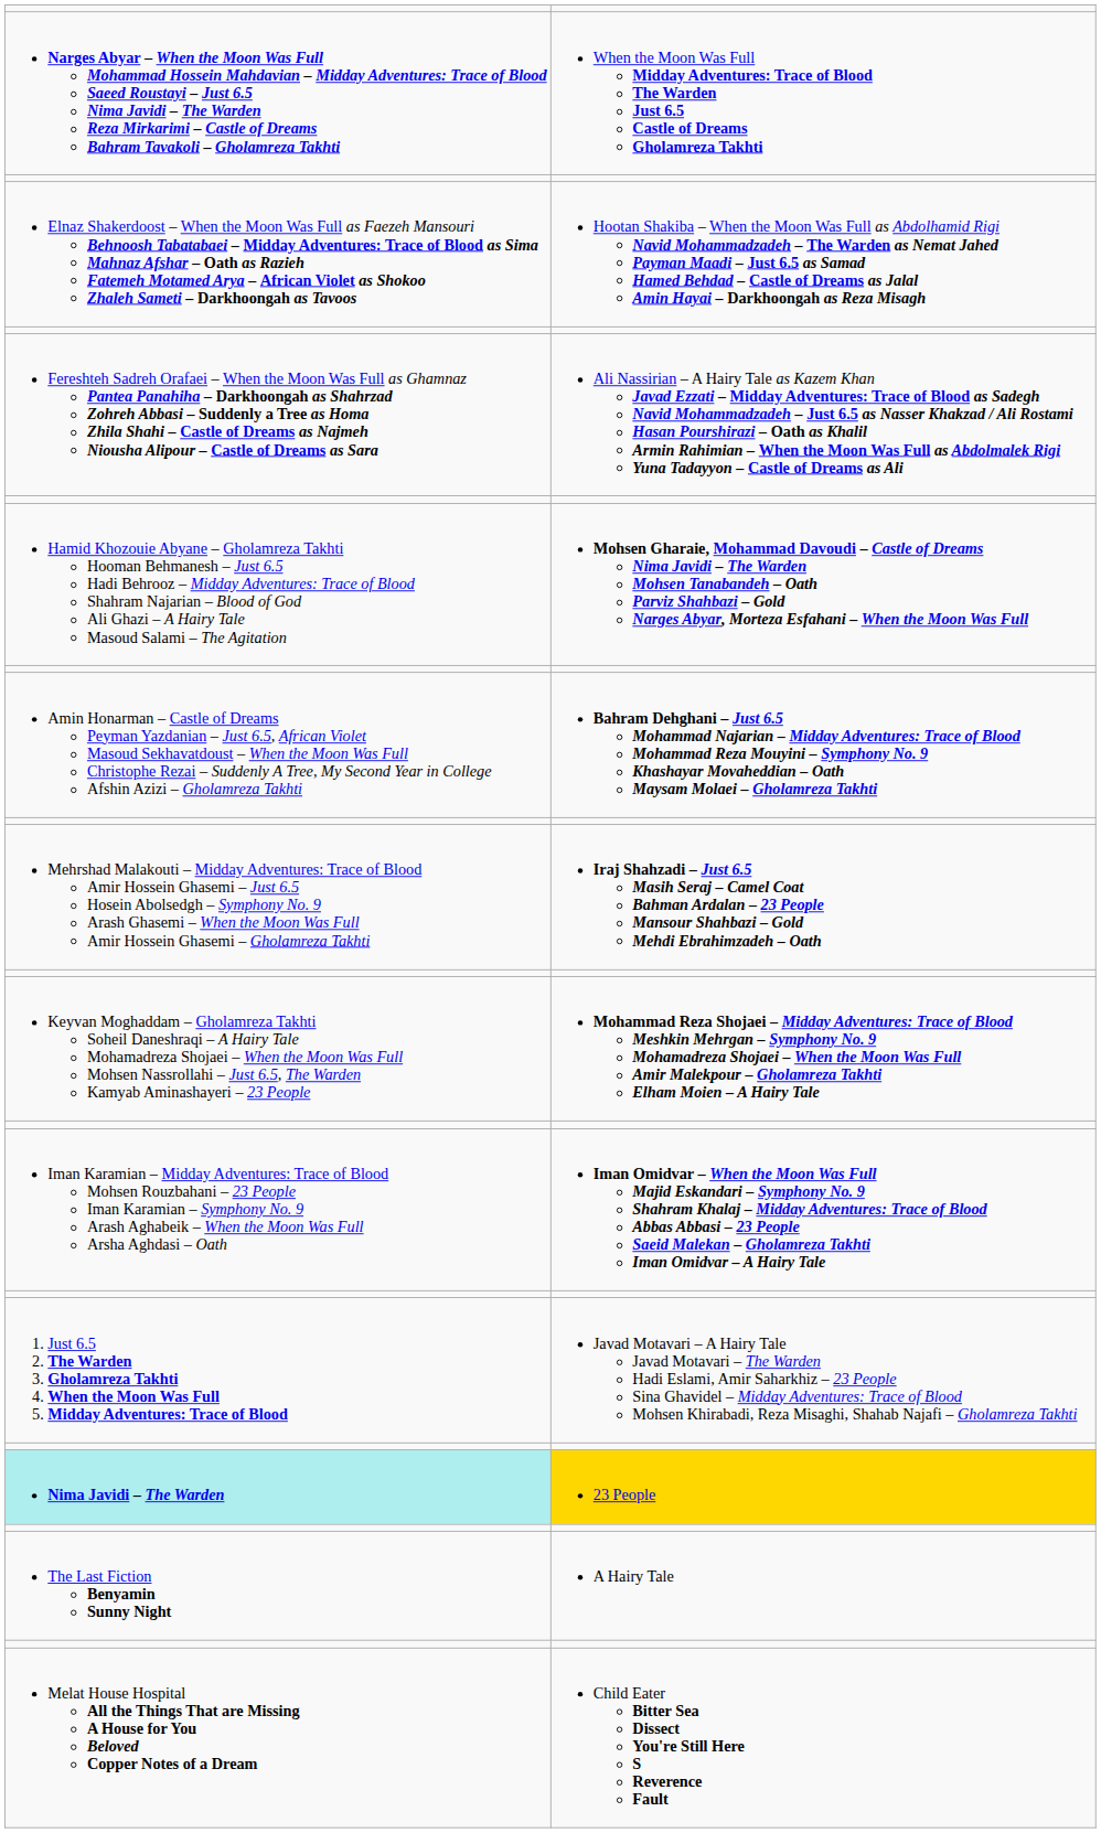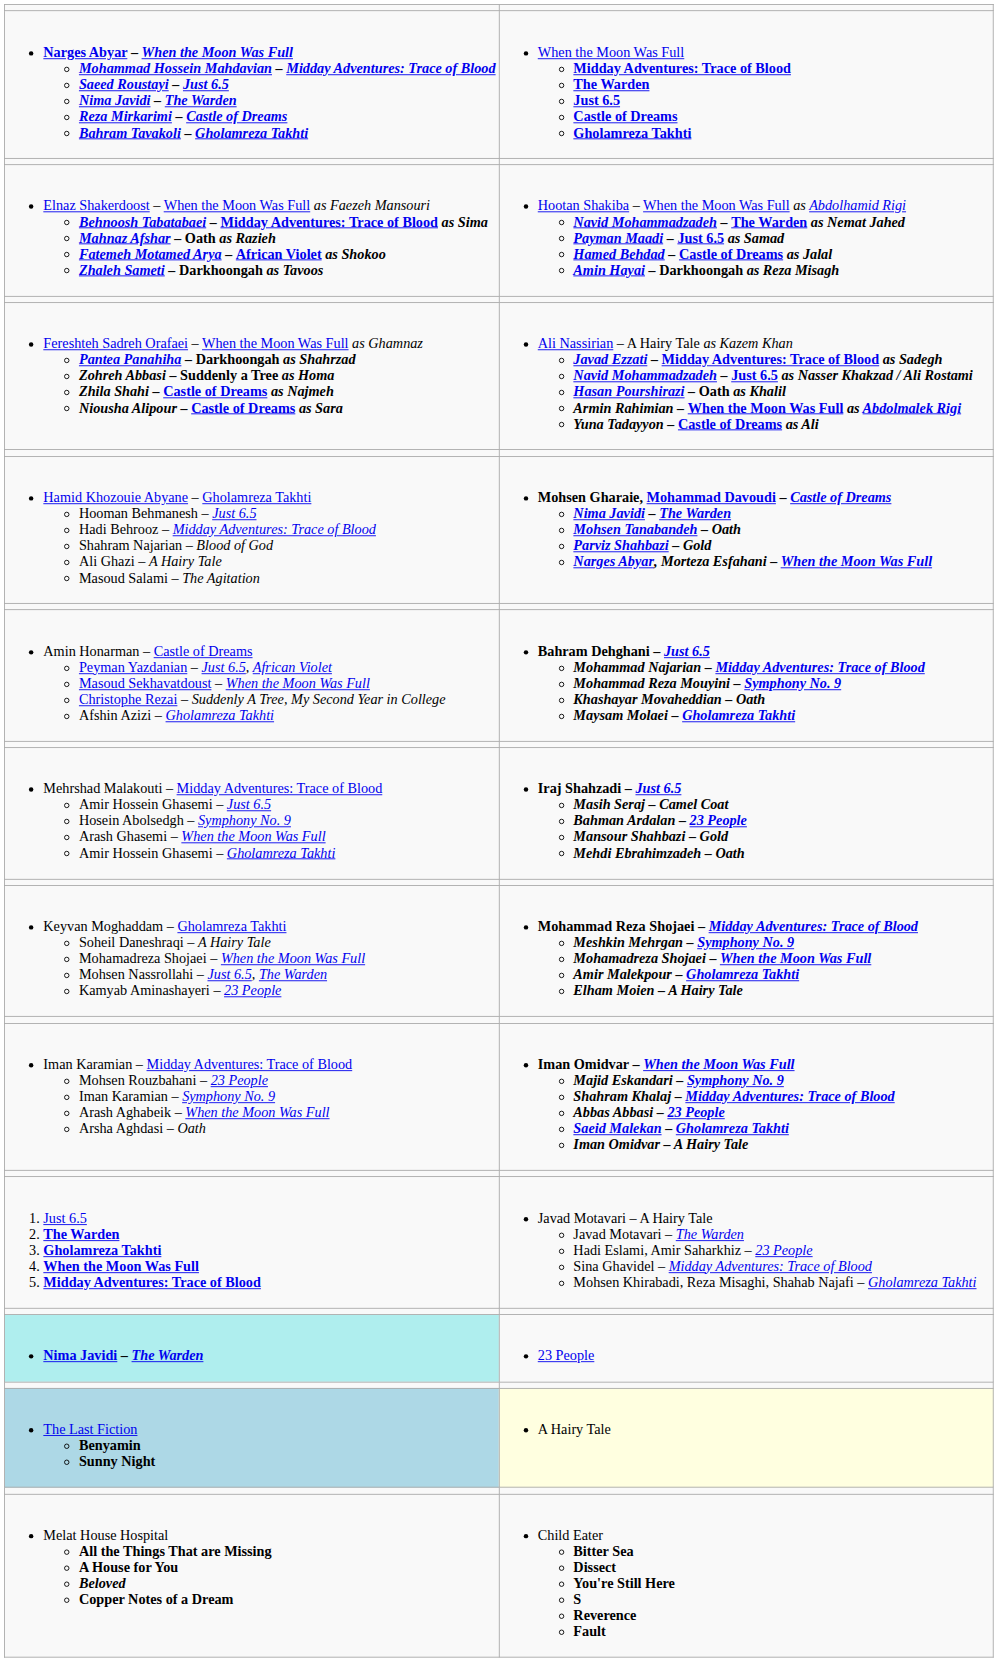 <table class="wikitable">
 <tr>
 <td style="vertical-align:top; width:50%;"></td>
 <td style="vertical-align:top; width:50%;"></td>
 </tr>
 <tr>
 <td valign="top"><br><ul><li><strong><a href='#'>Narges Abyar</a> – <em><a href='#'>When the Moon Was Full</a><strong><em><ul><li><a href='#'>Mohammad Hossein Mahdavian</a> – </em><a href='#'>Midday Adventures: Trace of Blood</a><em></li><li><a href='#'>Saeed Roustayi</a> – </em><a href='#'>Just 6.5</a><em></li><li><a href='#'>Nima Javidi</a> – </em><a href='#'>The Warden</a><em></li><li><a href='#'>Reza Mirkarimi</a> – </em><a href='#'>Castle of Dreams</a><em></li><li><a href='#'>Bahram Tavakoli</a> – </em><a href='#'>Gholamreza Takhti</a><em></li></ul></li></ul></td>
 <td valign="top"><br><ul><li></em></strong><a href='#'>When the Moon Was Full</a><strong><em><ul><li></em><a href='#'>Midday Adventures: Trace of Blood</a><em></li><li></em><a href='#'>The Warden</a><em></li><li></em><a href='#'>Just 6.5</a><em></li><li></em><a href='#'>Castle of Dreams</a><em></li><li></em><a href='#'>Gholamreza Takhti</a><em></li></ul></li></ul></td>
 </tr>
 <tr>
 <td style="vertical-align:top; width:50%;"></td>
 <td style="vertical-align:top; width:50%;"></td>
 </tr>
 <tr>
 <td valign="top"><br><ul><li></strong><a href='#'>Elnaz Shakerdoost</a> – </em><a href='#'>When the Moon Was Full</a><em> as Faezeh Mansouri<strong><ul><li><a href='#'>Behnoosh Tabatabaei</a> – </em><a href='#'>Midday Adventures: Trace of Blood</a><em> as Sima</li><li><a href='#'>Mahnaz Afshar</a> – </em>Oath<em> as Razieh</li><li><a href='#'>Fatemeh Motamed Arya</a> – </em><a href='#'>African Violet</a><em> as Shokoo</li><li><a href='#'>Zhaleh Sameti</a> – </em>Darkhoongah<em> as Tavoos</li></ul></li></ul></td>
 <td valign="top"><br><ul><li></strong><a href='#'>Hootan Shakiba</a><strong> </strong>– </em><a href='#'>When the Moon Was Full</a><em> as <a href='#'>Abdolhamid Rigi</a><strong><ul><li><a href='#'>Navid Mohammadzadeh</a> – </em><a href='#'>The Warden</a><em> as Nemat Jahed</li><li><a href='#'>Payman Maadi</a> – </em><a href='#'>Just 6.5</a><em> as Samad</li><li><a href='#'>Hamed Behdad</a> – </em><a href='#'>Castle of Dreams</a><em> as Jalal</li><li><a href='#'>Amin Hayai</a> – </em>Darkhoongah<em> as Reza Misagh</li></ul></li></ul></td>
 </tr>
 <tr>
 <td style="vertical-align:top; width:50%;"></td>
 <td style="vertical-align:top; width:50%;"></td>
 </tr>
 <tr>
 <td valign="top"><br><ul><li></strong><a href='#'>Fereshteh Sadreh Orafaei</a> – </em><a href='#'>When the Moon Was Full</a><em> as Ghamnaz<strong><ul><li><a href='#'>Pantea Panahiha</a> – </em>Darkhoongah<em> as Shahrzad</li><li>Zohreh Abbasi – </em>Suddenly a Tree<em> as Homa</li><li>Zhila Shahi – </em><a href='#'>Castle of Dreams</a><em> as Najmeh</li><li>Niousha Alipour – </em><a href='#'>Castle of Dreams</a><em> as Sara</li></ul></li></ul></td>
 <td valign="top"><br><ul><li></strong><a href='#'>Ali Nassirian</a> – </em>A Hairy Tale<em> as Kazem Khan<strong><ul><li><a href='#'>Javad Ezzati</a> – </em><a href='#'>Midday Adventures: Trace of Blood</a><em> as Sadegh</li><li><a href='#'>Navid Mohammadzadeh</a> – </em><a href='#'>Just 6.5</a><em> as Nasser Khakzad / Ali Rostami</li><li><a href='#'>Hasan Pourshirazi</a> – </em>Oath<em> as Khalil</li><li>Armin Rahimian – </em><a href='#'>When the Moon Was Full</a><em> as <a href='#'>Abdolmalek Rigi</a></li><li>Yuna Tadayyon – </em><a href='#'>Castle of Dreams</a><em> as Ali</li></ul></li></ul></td>
 </tr>
 <tr>
 <td style="vertical-align:top; width:50%;"></td>
 <td style="vertical-align:top; width:50%;"></td>
 </tr>
 <tr>
 <td valign="top"><br><ul><li></strong><a href='#'>Hamid Khozouie Abyane</a> – </em><a href='#'>Gholamreza Takhti</a></em></strong><ul><li>Hooman Behmanesh – <em><a href='#'>Just 6.5</a></em></li><li>Hadi Behrooz – <em><a href='#'>Midday Adventures: Trace of Blood</a></em></li><li>Shahram Najarian – <em>Blood of God</em></li><li>Ali Ghazi – <em>A Hairy Tale</em></li><li>Masoud Salami – <em>The Agitation</em></li></ul></li></ul></td>
 <td valign="top"><br><ul><li><strong>Mohsen Gharaie, <a href='#'>Mohammad Davoudi</a> – <em><a href='#'>Castle of Dreams</a><strong><em><ul><li><a href='#'>Nima Javidi</a> – </em><a href='#'>The Warden</a><em></li><li><a href='#'>Mohsen Tanabandeh</a> – </em>Oath<em></li><li><a href='#'>Parviz Shahbazi</a> – </em>Gold<em></li><li><a href='#'>Narges Abyar</a></strong>,<strong> Morteza Esfahani – </em><a href='#'>When the Moon Was Full</a><em></li></ul></li></ul></td>
 </tr>
 <tr>
 <td style="vertical-align:top; width:50%;"></td>
 <td style="vertical-align:top; width:50%;"></td>
 </tr>
 <tr>
 <td valign="top"><br><ul><li></strong>Amin Honarman – </em><a href='#'>Castle of Dreams</a></em></strong><ul><li><a href='#'>Peyman Yazdanian</a> – <em><a href='#'>Just 6.5</a>, <a href='#'>African Violet</a></em></li><li><a href='#'>Masoud Sekhavatdoust</a> – <em><a href='#'>When the Moon Was Full</a></em></li><li><a href='#'>Christophe Rezai</a> – <em>Suddenly A Tree, My Second Year in College</em></li><li>Afshin Azizi – <em><a href='#'>Gholamreza Takhti</a></em></li></ul></li></ul></td>
 <td valign="top"><br><ul><li><strong>Bahram Dehghani – <em><a href='#'>Just 6.5</a><strong><em><ul><li>Mohammad Najarian – </em><a href='#'>Midday Adventures: Trace of Blood</a><em></li><li>Mohammad Reza Mouyini – <a href='#'></em>Symphony No. 9<em></a></li><li>Khashayar Movaheddian – </em>Oath<em></li><li>Maysam Molaei – </em><a href='#'>Gholamreza Takhti</a><em></li></ul></li></ul></td>
 </tr>
 <tr>
 <td style="vertical-align:top; width:50%;"></td>
 <td style="vertical-align:top; width:50%;"></td>
 </tr>
 <tr>
 <td valign="top"><br><ul><li></strong>Mehrshad Malakouti – </em><a href='#'>Midday Adventures: Trace of Blood</a></em></strong><ul><li>Amir Hossein Ghasemi – <em><a href='#'>Just 6.5</a></em></li><li>Hosein Abolsedgh – <em><a href='#'>Symphony No. 9</a></em></li><li>Arash Ghasemi – <em><a href='#'>When the Moon Was Full</a></em></li><li>Amir Hossein Ghasemi – <em><a href='#'>Gholamreza Takhti</a></em></li></ul></li></ul></td>
 <td valign="top"><br><ul><li><strong>Iraj Shahzadi – <em><a href='#'>Just 6.5</a><strong><em><ul><li>Masih Seraj – </em>Camel Coat<em></li><li>Bahman Ardalan – </em><a href='#'>23 People</a><em></li><li>Mansour Shahbazi – </em>Gold<em></li><li>Mehdi Ebrahimzadeh – </em>Oath<em></li></ul></li></ul></td>
 </tr>
 <tr>
 <td style="vertical-align:top; width:50%;"></td>
 <td style="vertical-align:top; width:50%;"></td>
 </tr>
 <tr>
 <td valign="top"><br><ul><li></strong>Keyvan Moghaddam – </em><a href='#'>Gholamreza Takhti</a></em></strong><ul><li>Soheil Daneshraqi – <em>A Hairy Tale</em></li><li>Mohamadreza Shojaei – <em><a href='#'>When the Moon Was Full</a></em></li><li>Mohsen Nassrollahi – <em><a href='#'>Just 6.5</a>, <a href='#'>The Warden</a></em></li><li>Kamyab Aminashayeri – <em><a href='#'>23 People</a></em></li></ul></li></ul></td>
 <td valign="top"><br><ul><li><strong>Mohammad Reza Shojaei – <em><a href='#'>Midday Adventures: Trace of Blood</a><strong><em><ul><li>Meshkin Mehrgan – </em><a href='#'>Symphony No. 9</a><em></li><li>Mohamadreza Shojaei – </em><a href='#'>When the Moon Was Full</a><em></li><li>Amir Malekpour – </em><a href='#'>Gholamreza Takhti</a><em></li><li>Elham Moien – </em>A Hairy Tale<em></li></ul></li></ul></td>
 </tr>
 <tr>
 <td style="vertical-align:top; width:50%;"></td>
 <td style="vertical-align:top; width:50%;"></td>
 </tr>
 <tr>
 <td valign="top"><br><ul><li></strong>Iman Karamian – </em><a href='#'>Midday Adventures: Trace of Blood</a></em></strong><ul><li>Mohsen Rouzbahani – <em><a href='#'>23 People</a></em></li><li>Iman Karamian – <em><a href='#'>Symphony No. 9</a></em></li><li>Arash Aghabeik – <em><a href='#'>When the Moon Was Full</a></em></li><li>Arsha Aghdasi – <em>Oath</em></li></ul></li></ul></td>
 <td valign="top"><br><ul><li><strong>Iman Omidvar – <em><a href='#'>When the Moon Was Full</a><strong><em><ul><li>Majid Eskandari – </em><a href='#'>Symphony No. 9</a><em></li><li>Shahram Khalaj – </em><a href='#'>Midday Adventures: Trace of Blood</a><em></li><li>Abbas Abbasi – </em><a href='#'>23 People</a><em></li><li><a href='#'>Saeid Malekan</a> – </em><a href='#'>Gholamreza Takhti</a><em></li><li>Iman Omidvar – </em>A Hairy Tale<em></li></ul></li></ul></td>
 </tr>
 <tr>
 <td style="vertical-align:top; width:50%;"></td>
 <td style="vertical-align:top; width:50%;"></td>
 </tr>
 <tr>
 <td valign="top"><br><ol><li></em></strong><a href='#'>Just 6.5</a><strong><em></li><li></em><a href='#'>The Warden</a><em></li><li></em><a href='#'>Gholamreza Takhti</a><em></li><li></em><a href='#'>When the Moon Was Full</a><em></li><li></em><a href='#'>Midday Adventures: Trace of Blood</a><em></li></ol></td>
 <td valign="top"><br><ul><li></strong>Javad Motavari – </em>A Hairy Tale</em></strong><ul><li>Javad Motavari – <em><a href='#'>The Warden</a></em></li><li>Hadi Eslami, Amir Saharkhiz – <em><a href='#'>23 People</a></em></li><li>Sina Ghavidel – <em><a href='#'>Midday Adventures: Trace of Blood</a></em></li><li>Mohsen Khirabadi, Reza Misaghi, Shahab Najafi – <em><a href='#'>Gholamreza Takhti</a></em></li></ul></li></ul></td>
 </tr>
 <tr>
 <td style="vertical-align:top; width:50%;"></td>
 <td style="vertical-align:top; width:50%;"></td>
 </tr>
 <tr>
 <td valign="top" style="background: paleturquoise;"><br><ul><li><strong><a href='#'>Nima Javidi</a> – <em><a href='#'>The Warden</a><strong><em></li></ul></td>
-<td valign="top" style="background: gold;"><br><ul><li></em><a href='#'></strong>23 People<strong></a><em></li></ul></td>
+<td valign="top"><br><ul><li></em><a href='#'></strong>23 People<strong></a><em></li></ul></td>
 </tr>
 <tr>
 <td style="vertical-align:top; width:50%;"></td>
 <td style="vertical-align:top; width:50%;"></td>
 </tr>
 <tr>
-<td valign="top"><br><ul><li></em></strong><a href='#'>The Last Fiction</a><strong><em><ul><li></em>Benyamin<em></li><li></em>Sunny Night<em></li></ul></li></ul></td>
-<td valign="top"><br><ul><li></em></strong>A Hairy Tale<strong><em></li></ul></td>
+<td valign="top" style="background: lightblue;"><br><ul><li></em></strong><a href='#'>The Last Fiction</a><strong><em><ul><li></em>Benyamin<em></li><li></em>Sunny Night<em></li></ul></li></ul></td>
+<td valign="top" style="background: lightyellow;"><br><ul><li></em></strong>A Hairy Tale<strong><em></li></ul></td>
 </tr>
 <tr>
 <td style="vertical-align:top; width:50%;"></td>
 <td style="vertical-align:top; width:50%;"></td>
 </tr>
 <tr>
 <td valign="top"><br><ul><li></em></strong>Melat House Hospital<strong><em><ul><li></em>All the Things That are Missing<em></li><li></em>A House for You<em></li><li>Beloved</li><li></em>Copper Notes of a Dream<em></li></ul></li></ul></td>
 <td valign="top"><br><ul><li></em></strong>Child Eater<strong><em><ul><li></em>Bitter Sea<em></li><li></em>Dissect<em></li><li></em>You're Still Here<em></li><li></em>S<em></li><li></em>Reverence<em></li><li></em>Fault<em></li></ul></li></ul></td>
 </tr>
 </table>
